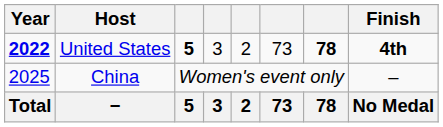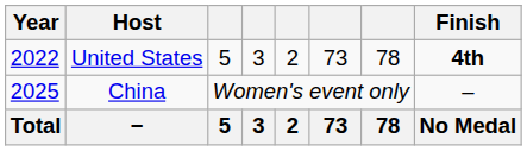 <table class="wikitable" style="text-align: center;">
 <tr>
 <th>Year</th>
 <th>Host</th>
 <th></th>
 <th></th>
 <th></th>
 <th></th>
 <th></th>
 <th>Finish</th>
 </tr>
 <tr>
-<td align=left><strong><a href='#'>2022</a></strong></td>
+<td align=left><a href='#'>2022</a></td>
 <td><a href='#'>United States</a></td>
-<td><strong>5</strong></td>
+<td>5</td>
 <td>3</td>
 <td>2</td>
 <td>73</td>
-<td><strong>78</strong></td>
+<td>78</td>
 <td><strong>4th</strong></td>
 </tr>
 <tr>
 <td align=left><a href='#'>2025</a></td>
 <td><a href='#'>China</a></td>
 <td colspan=5><em>Women's event only</em></td>
 <td>–</td>
 </tr>
 <tr>
 <th>Total</th>
 <th>−</th>
 <th>5</th>
 <th>3</th>
 <th>2</th>
 <th>73</th>
 <th>78</th>
 <th>No Medal</th>
 </tr>
 </table>
